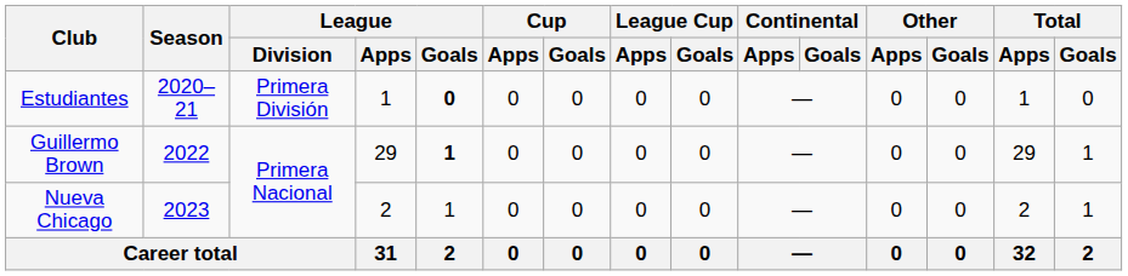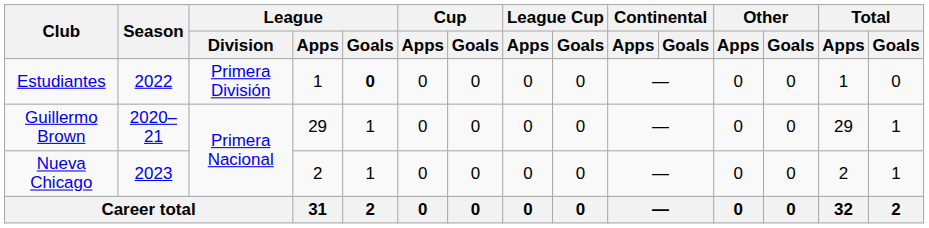 <table class="wikitable" style="text-align:center">
 <tr>
 <th rowspan="2">Club</th>
 <th rowspan="2">Season</th>
 <th colspan="3">League</th>
 <th colspan="2">Cup</th>
 <th colspan="2">League Cup</th>
 <th colspan="2">Continental</th>
 <th colspan="2">Other</th>
 <th colspan="2">Total</th>
 </tr>
 <tr>
 <th>Division</th>
 <th>Apps</th>
 <th>Goals</th>
 <th>Apps</th>
 <th>Goals</th>
 <th>Apps</th>
 <th>Goals</th>
 <th>Apps</th>
 <th>Goals</th>
 <th>Apps</th>
 <th>Goals</th>
 <th>Apps</th>
 <th>Goals</th>
 </tr>
 <tr>
 <td><a href='#'>Estudiantes</a></td>
-<td><a href='#'>2020–21</a></td>
+<td><a href='#'>2022</a></td>
 <td rowspan="1"><a href='#'>Primera División</a></td>
 <td>1</td>
 <td><strong>0</strong></td>
 <td>0</td>
 <td>0</td>
 <td>0</td>
 <td>0</td>
 <td colspan="2">—</td>
 <td>0</td>
 <td>0</td>
 <td>1</td>
 <td>0</td>
 </tr>
 <tr>
 <td><a href='#'>Guillermo Brown</a></td>
-<td><a href='#'>2022</a></td>
+<td><a href='#'>2020–21</a></td>
 <td rowspan="2"><a href='#'>Primera Nacional</a></td>
 <td>29</td>
-<td><strong>1</strong></td>
+<td>1</td>
 <td>0</td>
 <td>0</td>
 <td>0</td>
 <td>0</td>
 <td colspan="2">—</td>
 <td>0</td>
 <td>0</td>
 <td>29</td>
 <td>1</td>
 </tr>
 <tr>
 <td><a href='#'>Nueva Chicago</a></td>
 <td><a href='#'>2023</a></td>
 <td>2</td>
 <td>1</td>
 <td>0</td>
 <td>0</td>
 <td>0</td>
 <td>0</td>
 <td colspan="2">—</td>
 <td>0</td>
 <td>0</td>
 <td>2</td>
 <td>1</td>
 </tr>
 <tr>
 <th colspan="3">Career total</th>
 <th>31</th>
 <th>2</th>
 <th>0</th>
 <th>0</th>
 <th>0</th>
 <th>0</th>
 <th colspan="2">—</th>
 <th>0</th>
 <th>0</th>
 <th>32</th>
 <th>2</th>
 </tr>
 </table>
